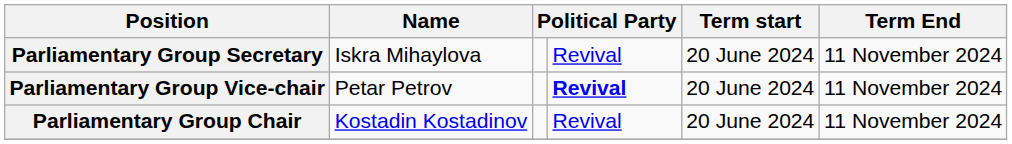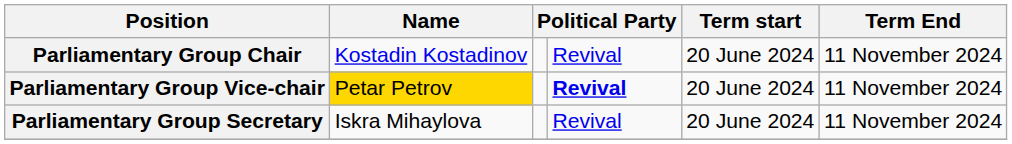 <table class="wikitable plainrowheaders">
 <tr>
 <th>Position</th>
 <th>Name</th>
 <th colspan="2">Political Party</th>
 <th>Term start</th>
 <th>Term End</th>
+</tr>
+<tr>
+<th>Parliamentary Group Chair</th>
+<td><a href='#'>Kostadin Kostadinov</a></td>
+<td style="background:"></td>
+<td><a href='#'>Revival</a></td>
+<td>20 June 2024</td>
+<td>11 November 2024</td>
+</tr>
+<tr>
+<th>Parliamentary Group Vice-chair</th>
+<td style="background: gold;">Petar Petrov</td>
+<td style="background:"></td>
+<td><strong><a href='#'>Revival</a></strong></td>
+<td>20 June 2024</td>
+<td>11 November 2024</td>
 </tr>
 <tr>
 <th>Parliamentary Group Secretary</th>
 <td>Iskra Mihaylova</td>
 <td style="background:"></td>
 <td><a href='#'>Revival</a></td>
 <td>20 June 2024</td>
 <td>11 November 2024</td>
 </tr>
 <tr>
-<th>Parliamentary Group Vice-chair</th>
-<td>Petar Petrov</td>
-<td style="background:"></td>
-<td><strong><a href='#'>Revival</a></strong></td>
-<td>20 June 2024</td>
-<td>11 November 2024</td>
-</tr>
-<tr>
-<th>Parliamentary Group Chair</th>
-<td><a href='#'>Kostadin Kostadinov</a></td>
-<td style="background:"></td>
-<td><a href='#'>Revival</a></td>
-<td>20 June 2024</td>
-<td>11 November 2024</td>
-</tr>
-<tr>
 </tr>
 </table>
